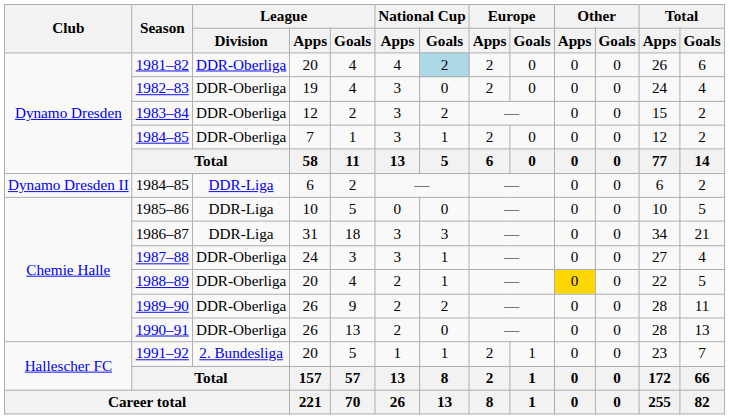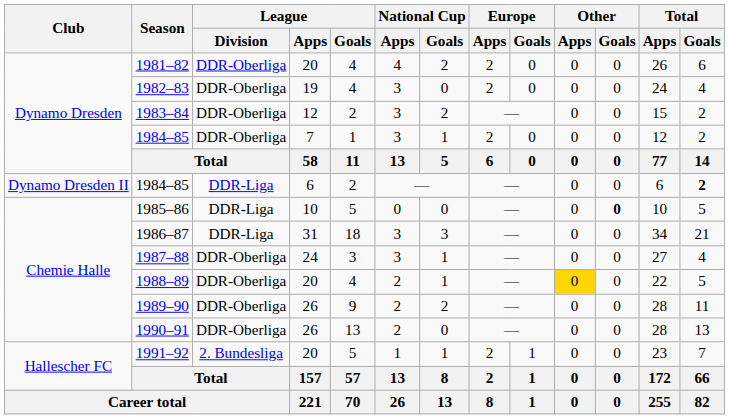 <table class="wikitable" style="text-align:center">
 <tr>
 <th rowspan="2">Club</th>
 <th rowspan="2">Season</th>
 <th colspan="3">League</th>
 <th colspan="2">National Cup</th>
 <th colspan="2">Europe</th>
 <th colspan="2">Other</th>
 <th colspan="2">Total</th>
 </tr>
 <tr>
 <th>Division</th>
 <th>Apps</th>
 <th>Goals</th>
 <th>Apps</th>
 <th>Goals</th>
 <th>Apps</th>
 <th>Goals</th>
 <th>Apps</th>
 <th>Goals</th>
 <th>Apps</th>
 <th>Goals</th>
 </tr>
 <tr>
 <td rowspan="5"><a href='#'>Dynamo Dresden</a></td>
 <td><a href='#'>1981–82</a></td>
 <td><a href='#'>DDR-Oberliga</a></td>
 <td>20</td>
 <td>4</td>
 <td>4</td>
-<td style="background: lightblue;">2</td>
+<td>2</td>
 <td>2</td>
 <td>0</td>
 <td>0</td>
 <td>0</td>
 <td>26</td>
 <td>6</td>
 </tr>
 <tr>
 <td><a href='#'>1982–83</a></td>
 <td>DDR-Oberliga</td>
 <td>19</td>
 <td>4</td>
 <td>3</td>
 <td>0</td>
 <td>2</td>
 <td>0</td>
 <td>0</td>
 <td>0</td>
 <td>24</td>
 <td>4</td>
 </tr>
 <tr>
 <td><a href='#'>1983–84</a></td>
 <td>DDR-Oberliga</td>
 <td>12</td>
 <td>2</td>
 <td>3</td>
 <td>2</td>
 <td colspan="2">—</td>
 <td>0</td>
 <td>0</td>
 <td>15</td>
 <td>2</td>
 </tr>
 <tr>
 <td><a href='#'>1984–85</a></td>
 <td>DDR-Oberliga</td>
 <td>7</td>
 <td>1</td>
 <td>3</td>
 <td>1</td>
 <td>2</td>
 <td>0</td>
 <td>0</td>
 <td>0</td>
 <td>12</td>
 <td>2</td>
 </tr>
 <tr>
 <th colspan="2">Total</th>
 <th>58</th>
 <th>11</th>
 <th>13</th>
 <th>5</th>
 <th>6</th>
 <th>0</th>
 <th>0</th>
 <th>0</th>
 <th>77</th>
 <th>14</th>
 </tr>
 <tr>
 <td><a href='#'>Dynamo Dresden II</a></td>
 <td>1984–85</td>
 <td><a href='#'>DDR-Liga</a></td>
 <td>6</td>
 <td>2</td>
 <td colspan="2">—</td>
 <td colspan="2">—</td>
 <td>0</td>
 <td>0</td>
 <td>6</td>
-<td>2</td>
+<td><strong>2</strong></td>
 </tr>
 <tr>
 <td rowspan="6"><a href='#'>Chemie Halle</a></td>
 <td>1985–86</td>
 <td>DDR-Liga</td>
 <td>10</td>
 <td>5</td>
 <td>0</td>
 <td>0</td>
 <td colspan="2">—</td>
 <td>0</td>
-<td>0</td>
+<td><strong>0</strong></td>
 <td>10</td>
 <td>5</td>
 </tr>
 <tr>
 <td>1986–87</td>
 <td>DDR-Liga</td>
 <td>31</td>
 <td>18</td>
 <td>3</td>
 <td>3</td>
 <td colspan="2">—</td>
 <td>0</td>
 <td>0</td>
 <td>34</td>
 <td>21</td>
 </tr>
 <tr>
 <td><a href='#'>1987–88</a></td>
 <td>DDR-Oberliga</td>
 <td>24</td>
 <td>3</td>
 <td>3</td>
 <td>1</td>
 <td colspan="2">—</td>
 <td>0</td>
 <td>0</td>
 <td>27</td>
 <td>4</td>
 </tr>
 <tr>
 <td><a href='#'>1988–89</a></td>
 <td>DDR-Oberliga</td>
 <td>20</td>
 <td>4</td>
 <td>2</td>
 <td>1</td>
 <td colspan="2">—</td>
 <td style="background: gold;">0</td>
 <td>0</td>
 <td>22</td>
 <td>5</td>
 </tr>
 <tr>
 <td><a href='#'>1989–90</a></td>
 <td>DDR-Oberliga</td>
 <td>26</td>
 <td>9</td>
 <td>2</td>
 <td>2</td>
 <td colspan="2">—</td>
 <td>0</td>
 <td>0</td>
 <td>28</td>
 <td>11</td>
 </tr>
 <tr>
 <td><a href='#'>1990–91</a></td>
 <td>DDR-Oberliga</td>
 <td>26</td>
 <td>13</td>
 <td>2</td>
 <td>0</td>
 <td colspan="2">—</td>
 <td>0</td>
 <td>0</td>
 <td>28</td>
 <td>13</td>
 </tr>
 <tr>
 <td rowspan="2"><a href='#'>Hallescher FC</a></td>
 <td><a href='#'>1991–92</a></td>
 <td><a href='#'>2. Bundesliga</a></td>
 <td>20</td>
 <td>5</td>
 <td>1</td>
 <td>1</td>
 <td>2</td>
 <td>1</td>
 <td>0</td>
 <td>0</td>
 <td>23</td>
 <td>7</td>
 </tr>
 <tr>
 <th colspan="2">Total</th>
 <th>157</th>
 <th>57</th>
 <th>13</th>
 <th>8</th>
 <th>2</th>
 <th>1</th>
 <th>0</th>
 <th>0</th>
 <th>172</th>
 <th>66</th>
 </tr>
 <tr>
 <th colspan="3">Career total</th>
 <th>221</th>
 <th>70</th>
 <th>26</th>
 <th>13</th>
 <th>8</th>
 <th>1</th>
 <th>0</th>
 <th>0</th>
 <th>255</th>
 <th>82</th>
 </tr>
 </table>
